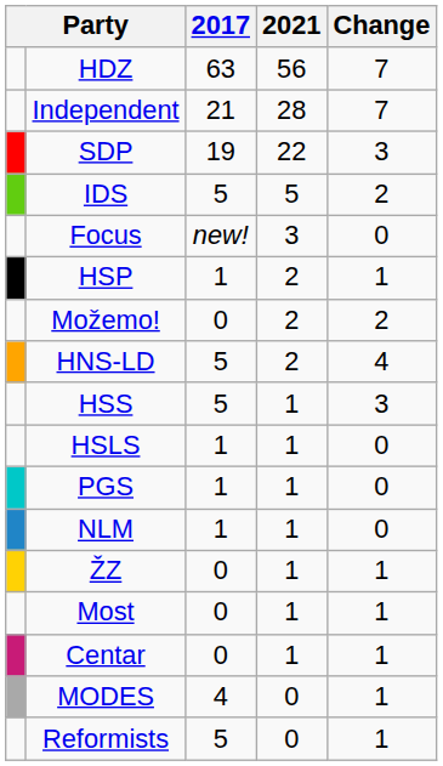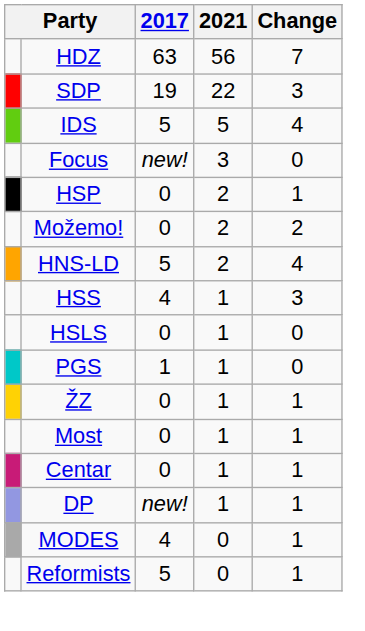 <table class="wikitable sortable">
 <tr>
 <th class="sortable" colspan=2>Party</th>
 <th class="sortable"><a href='#'>2017</a></th>
 <th class="sortable">2021</th>
 <th class="sortable">Change</th>
 </tr>
 <tr>
 <td width=5px style="background-color:"></td>
 <td align=center><a href='#'>HDZ</a></td>
 <td align=center>63</td>
 <td align=center>56</td>
 <td align=center>7</td>
 </tr>
 <tr>
-<td width=5px style="background-color:"></td>
-<td align=center><a href='#'>Independent</a></td>
-<td align=center>21</td>
-<td align=center>28</td>
-<td align=center>7</td>
-</tr>
-<tr>
 <td width=5px style="background-color:red"></td>
 <td align=center><a href='#'>SDP</a></td>
 <td align=center>19</td>
 <td align=center>22</td>
 <td align=center>3</td>
 </tr>
 <tr>
 <td width=5px style="background-color:#61cd10"></td>
 <td align=center><a href='#'>IDS</a></td>
 <td align=center>5</td>
 <td align=center>5</td>
-<td align=center>2</td>
+<td align=center>4</td>
 </tr>
 <tr>
 <td width="5px" style="background-color:"></td>
 <td align="center"><a href='#'>Focus</a></td>
 <td align="center"><em>new!</em></td>
 <td align="center">3</td>
 <td align="center">0</td>
 </tr>
 <tr>
 <td width="5px" style="background-color:black"></td>
 <td align="center"><a href='#'>HSP</a></td>
-<td align="center">1</td>
+<td align="center">0</td>
 <td align="center">2</td>
 <td align="center">1</td>
 </tr>
 <tr>
 <td width="5px" style="background-color:"></td>
 <td align="center"><a href='#'>Možemo!</a></td>
 <td align="center">0</td>
 <td align="center">2</td>
 <td align="center">2</td>
 </tr>
 <tr>
 <td width=5px style="background-color:orange"></td>
 <td align=center><a href='#'>HNS-LD</a></td>
 <td align=center>5</td>
 <td align=center>2</td>
 <td align=center>4</td>
 </tr>
 <tr>
 <td width=5px style="background-color:"></td>
 <td align=center><a href='#'>HSS</a></td>
-<td align=center>5</td>
+<td align=center>4</td>
 <td align=center>1</td>
 <td align=center>3</td>
 </tr>
 <tr>
 <td width=5px style="background-color:"></td>
 <td align=center><a href='#'>HSLS</a></td>
-<td align=center>1</td>
+<td align=center>0</td>
 <td align=center>1</td>
 <td align=center>0</td>
 </tr>
 <tr>
 <td width=5px style="background-color:#00c8c8"></td>
 <td align=center><a href='#'>PGS</a></td>
 <td align=center>1</td>
 <td align=center>1</td>
 <td align=center>0</td>
-</tr>
-<tr>
-<td width="5px" style="background-color:#2085c7"></td>
-<td align="center"><a href='#'>NLM</a></td>
-<td align="center">1</td>
-<td align="center">1</td>
-<td align="center">0</td>
 </tr>
 <tr>
 <td width="5px" style="background-color:#ffd204"></td>
 <td align="center"><a href='#'>ŽZ</a></td>
 <td align="center">0</td>
 <td align="center">1</td>
 <td align="center">1</td>
 </tr>
 <tr>
 <td width="5px" style="background-color:"></td>
 <td align="center"><a href='#'>Most</a></td>
 <td align="center">0</td>
 <td align="center">1</td>
 <td align="center">1</td>
 </tr>
 <tr>
 <td width="5px" style="background-color:#C81B77"></td>
 <td align="center"><a href='#'>Centar</a></td>
 <td align="center">0</td>
 <td align="center">1</td>
 <td align="center">1</td>
 </tr>
 <tr>
+<td width="5px" style="background-color:#9297e1"></td>
+<td align="center"><a href='#'>DP</a></td>
+<td align="center"><em>new!</em></td>
+<td align="center">1</td>
+<td align="center">1</td>
+</tr>
+<tr>
 <td width=5px style="background-color:darkgrey"></td>
 <td align=center><a href='#'>MODES</a></td>
 <td align=center>4</td>
 <td align=center>0</td>
 <td align=center>1</td>
 </tr>
 <tr>
 <td width=5px style="background-color:"></td>
 <td align=center><a href='#'>Reformists</a></td>
 <td align=center>5</td>
 <td align=center>0</td>
 <td align=center>1</td>
 </tr>
 </table>
